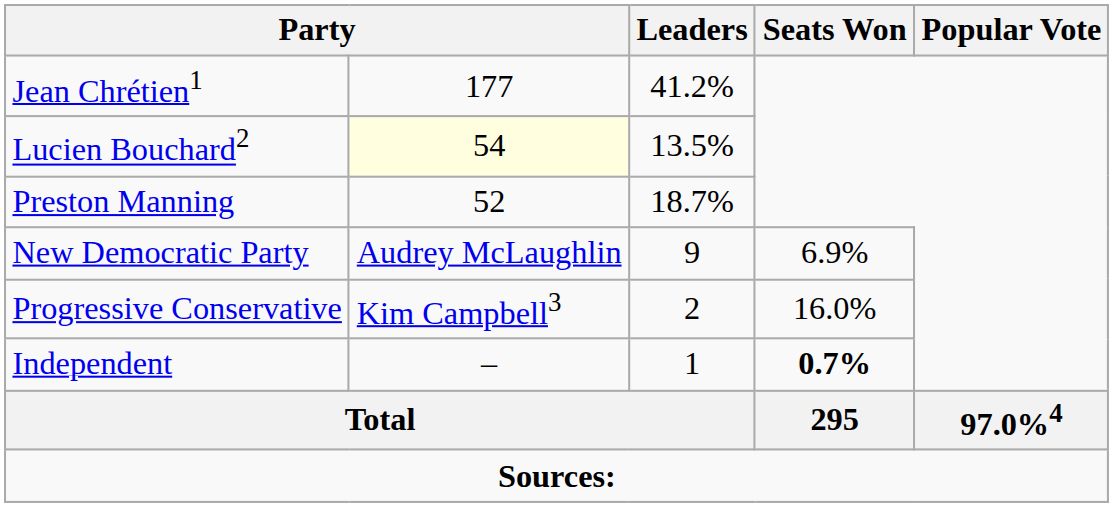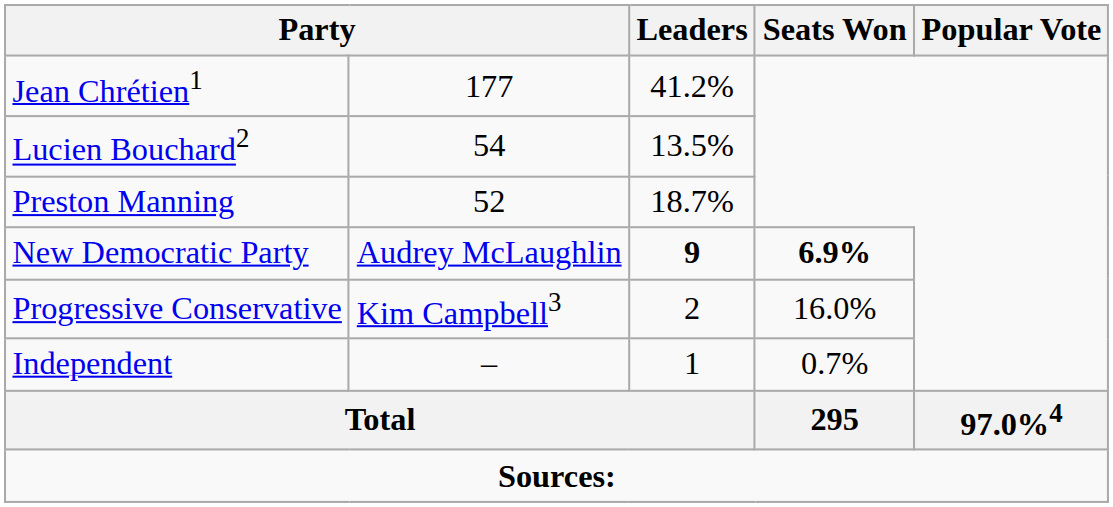 <table class="wikitable">
 <tr>
 <th colspan="2">Party</th>
 <th>Leaders</th>
 <th>Seats Won</th>
 <th>Popular Vote</th>
 </tr>
 <tr>
 <td><a href='#'>Jean Chrétien</a><sup>1</sup></td>
 <td align=center>177</td>
 <td align=center>41.2%</td>
 </tr>
 <tr>
 <td><a href='#'>Lucien Bouchard</a><sup>2</sup></td>
-<td align=center style="background: lightyellow;">54</td>
+<td align=center>54</td>
 <td align=center>13.5%</td>
 </tr>
 <tr>
 <td><a href='#'>Preston Manning</a></td>
 <td align=center>52</td>
 <td align=center>18.7%</td>
 </tr>
 <tr>
 <td><a href='#'>New Democratic Party</a></td>
 <td><a href='#'>Audrey McLaughlin</a></td>
-<td align=center>9</td>
-<td align=center>6.9%</td>
+<td align=center><strong>9</strong></td>
+<td align=center><strong>6.9%</strong></td>
 </tr>
 <tr>
 <td><a href='#'>Progressive Conservative</a></td>
 <td><a href='#'>Kim Campbell</a><sup>3</sup></td>
 <td align=center>2</td>
 <td align=center>16.0%</td>
 </tr>
 <tr>
 <td><a href='#'>Independent</a></td>
 <td align=center>–</td>
 <td align=center>1</td>
-<td align=center><strong>0.7%</strong></td>
+<td align=center>0.7%</td>
 </tr>
 <tr>
 <th colspan=3>Total</th>
 <th>295</th>
 <th>97.0%<sup>4</sup></th>
 </tr>
 <tr>
 <td align="center" colspan=5><strong>Sources:</strong> </td>
 </tr>
 </table>
